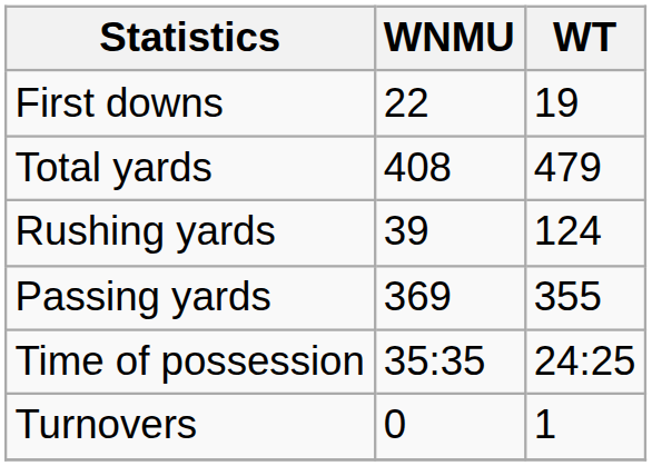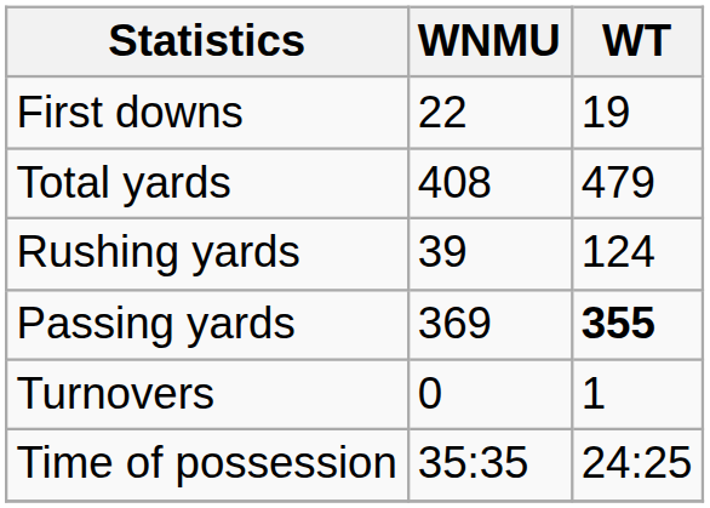 <table class="wikitable" style="float: left;">
 <tr>
 <th>Statistics</th>
 <th>WNMU</th>
 <th>WT</th>
 </tr>
 <tr>
 <td>First downs</td>
 <td>22</td>
 <td>19</td>
 </tr>
 <tr>
 <td>Total yards</td>
 <td>408</td>
 <td>479</td>
 </tr>
 <tr>
 <td>Rushing yards</td>
 <td>39</td>
 <td>124</td>
 </tr>
 <tr>
 <td>Passing yards</td>
 <td>369</td>
-<td>355</td>
+<td><strong>355</strong></td>
+</tr>
+<tr>
+<td>Turnovers</td>
+<td>0</td>
+<td>1</td>
 </tr>
 <tr>
 <td>Time of possession</td>
 <td>35:35</td>
 <td>24:25</td>
 </tr>
 <tr>
-<td>Turnovers</td>
-<td>0</td>
-<td>1</td>
-</tr>
-<tr>
 </tr>
 </table>
